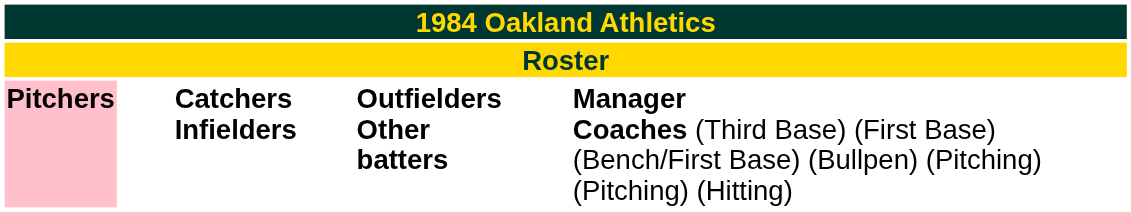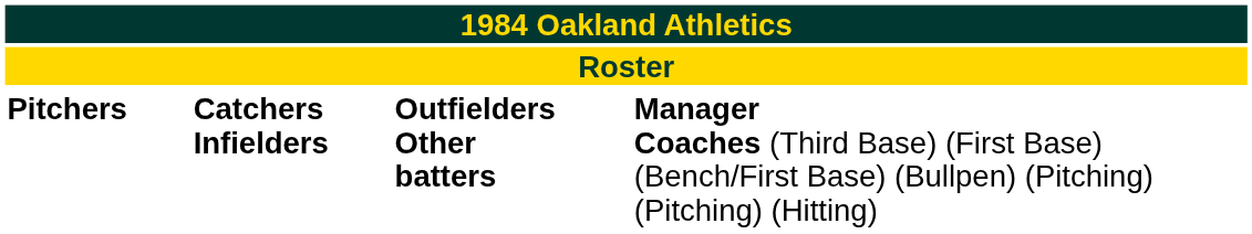 <table class="toccolours" style="font-size: 95%;">
 <tr>
 <th colspan="10" style="background-color: #003831; color: #FFD800; text-align: center;">1984 Oakland Athletics</th>
 </tr>
 <tr>
 <td colspan="10" style="background-color: #FFD800; color: #003831; text-align: center;"><strong>Roster</strong></td>
 </tr>
 <tr>
-<td valign="top" style="background: pink;"><strong>Pitchers</strong><br>                 </td>
+<td valign="top"><strong>Pitchers</strong><br>                 </td>
 <td width="25px"></td>
 <td valign="top"><strong>Catchers</strong><br>   <strong>Infielders</strong>        </td>
 <td width="25px"></td>
 <td valign="top"><strong>Outfielders</strong><br>      <strong>Other batters</strong>  </td>
 <td width="25px"></td>
 <td valign="top"><strong>Manager</strong><br>  <strong>Coaches</strong>  (Third Base)  (First Base)  (Bench/First Base)  (Bullpen)  (Pitching)  (Pitching)  (Hitting)</td>
 </tr>
 </table>
